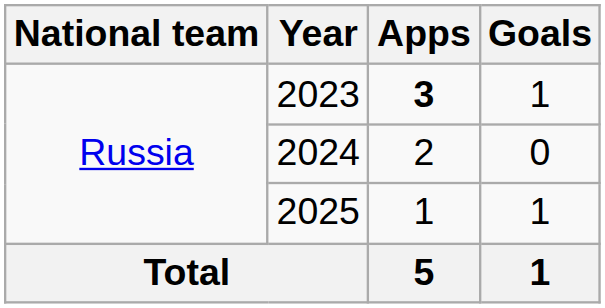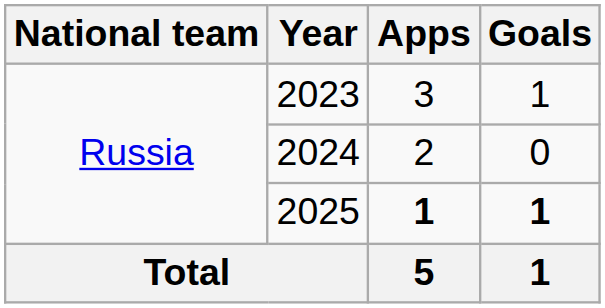 <table class=wikitable style=text-align:center>
 <tr>
 <th>National team</th>
 <th>Year</th>
 <th>Apps</th>
 <th>Goals</th>
 </tr>
 <tr>
 <td rowspan="3"><a href='#'>Russia</a></td>
 <td>2023</td>
-<td><strong>3</strong></td>
+<td>3</td>
 <td>1</td>
 </tr>
 <tr>
 <td>2024</td>
 <td>2</td>
 <td>0</td>
 </tr>
 <tr>
 <td>2025</td>
-<td>1</td>
-<td>1</td>
+<td><strong>1</strong></td>
+<td><strong>1</strong></td>
 </tr>
 <tr>
 <th colspan=2>Total</th>
 <th>5</th>
 <th>1</th>
 </tr>
 </table>
